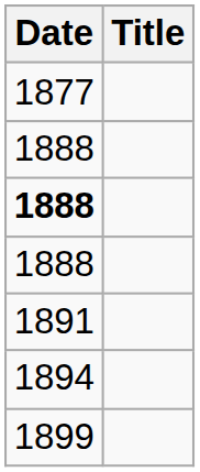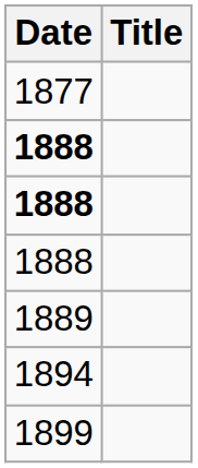 <table class="wikitable">
 <tr>
 <th>Date</th>
 <th>Title</th>
 </tr>
 <tr>
 <td>1877</td>
 <td></td>
 </tr>
 <tr>
-<td>1888</td>
+<td><strong>1888</strong></td>
 <td></td>
 </tr>
 <tr>
 <td><strong>1888</strong></td>
 <td></td>
 </tr>
 <tr>
 <td>1888</td>
 <td></td>
 </tr>
 <tr>
-<td>1891</td>
+<td>1889</td>
 <td></td>
 </tr>
 <tr>
 <td>1894</td>
 <td></td>
 </tr>
 <tr>
 <td>1899</td>
 <td></td>
 </tr>
 </table>
